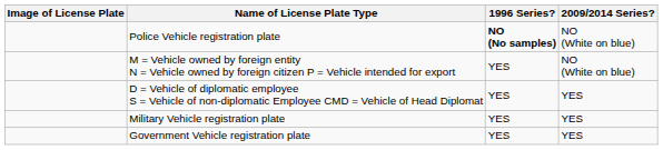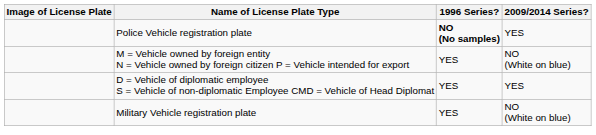 <table class="wikitable">
 <tr>
 <th>Image of License Plate</th>
 <th>Name of License Plate Type</th>
 <th>1996 Series?</th>
 <th>2009/2014 Series?</th>
 </tr>
 <tr>
 <td></td>
 <td>Police Vehicle registration plate</td>
 <td><strong>NO<br>(No samples)</strong></td>
-<td>NO<br>(White on blue)</td>
+<td>YES</td>
 </tr>
 <tr>
 <td></td>
 <td>M = Vehicle owned by foreign entity<br>N = Vehicle owned by foreign citizen P = Vehicle intended for export</td>
 <td>YES</td>
 <td>NO<br>(White on blue)</td>
 </tr>
 <tr>
 <td></td>
 <td>D = Vehicle of diplomatic employee<br>S = Vehicle of non-diplomatic Employee CMD = Vehicle of Head Diplomat</td>
 <td>YES</td>
 <td>YES</td>
 </tr>
 <tr>
 <td></td>
 <td>Military Vehicle registration plate</td>
 <td>YES</td>
-<td>YES</td>
-</tr>
-<tr>
-<td></td>
-<td>Government Vehicle registration plate</td>
-<td>YES</td>
-<td>YES</td>
+<td>NO<br>(White on blue)</td>
 </tr>
 </table>
